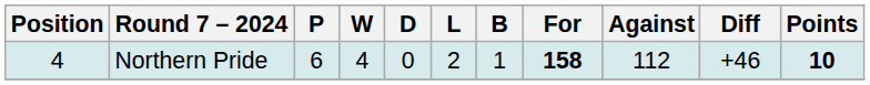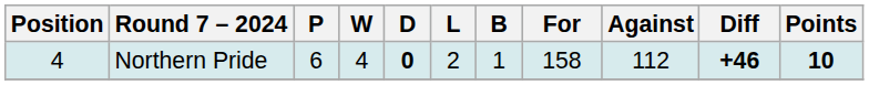 <table class="wikitable" style="text-align:center; font-size:85%;">
 <tr style="background: #d7ebed;">
 <th width="40" abbr="Position">Position</th>
 <th width="100">Round 7 – 2024</th>
 <th width="20" abbr="Played">P</th>
 <th width="20" abbr="Won">W</th>
 <th width="20" abbr="Drawn">D</th>
 <th width="20" abbr="Lost">L</th>
 <th width="20" abbr="Bye">B</th>
 <th width="40" abbr="Points for">For</th>
 <th width="40" abbr="Points against">Against</th>
 <th width="40" abbr="Points difference">Diff</th>
 <th width="40" abbr="Points">Points</th>
 </tr>
 <tr style="background: #d7ebed;">
 <td>4</td>
 <td style="text-align:left;"> Northern Pride</td>
 <td>6</td>
 <td>4</td>
-<td>0</td>
+<td><strong>0</strong></td>
 <td>2</td>
 <td>1</td>
-<td><strong>158</strong></td>
+<td>158</td>
 <td>112</td>
-<td>+46</td>
+<td><strong>+46</strong></td>
 <td><strong>10</strong></td>
 </tr>
 <tr>
 </tr>
 </table>
